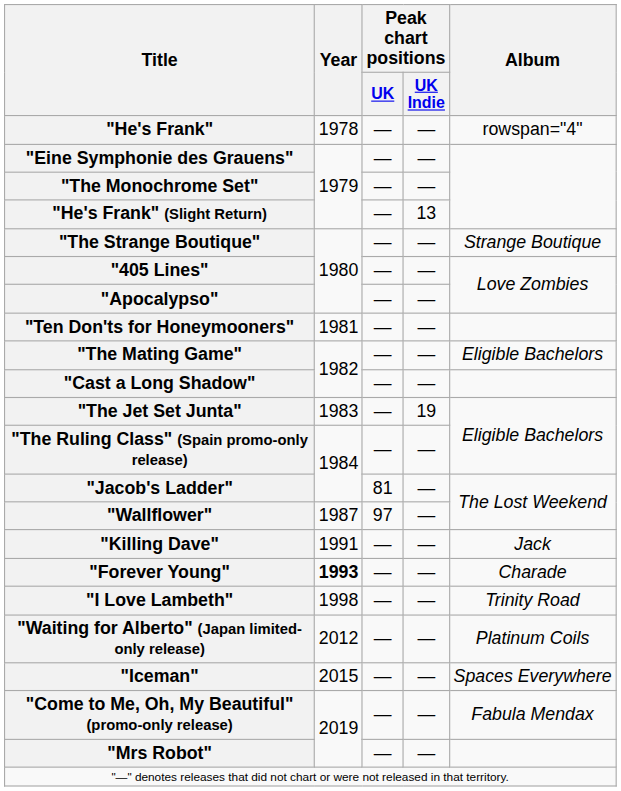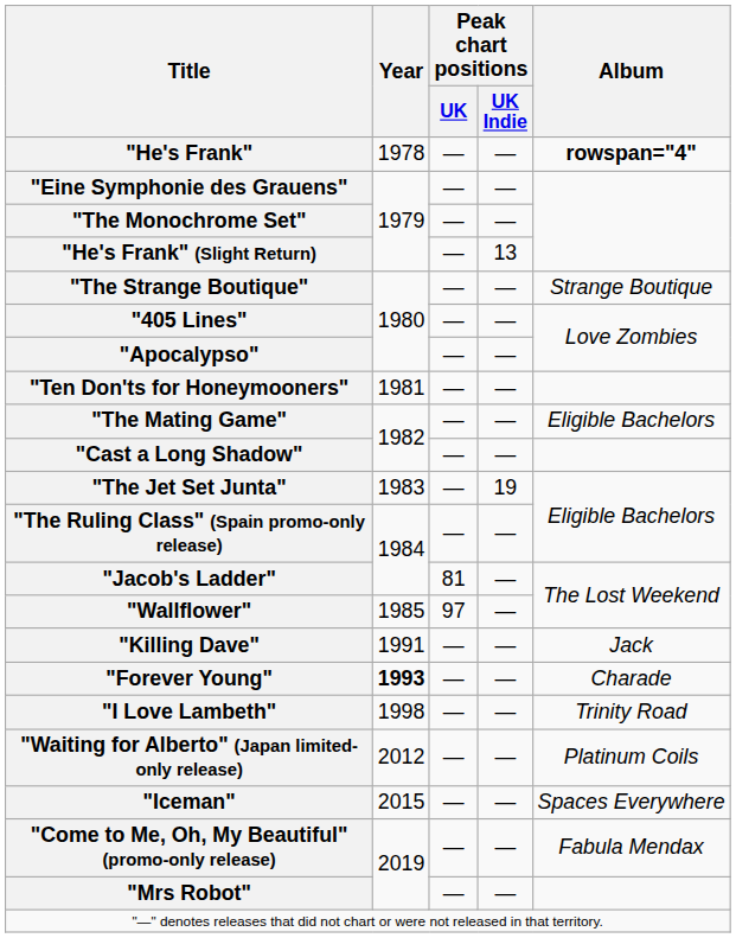 <table class="wikitable plainrowheaders" style="text-align:center;">
 <tr>
 <th rowspan="2" scope="col" style="width:17em;">Title</th>
 <th rowspan="2" scope="col" style="width:2em;">Year</th>
 <th colspan="2">Peak chart positions</th>
 <th rowspan="2">Album</th>
 </tr>
 <tr>
 <th scope="col" style="width:2em;font-size:90%;"><a href='#'>UK</a><br></th>
 <th scope="col" style="width:2em;font-size:90%;"><a href='#'>UK<br>Indie</a><br></th>
 </tr>
 <tr>
 <th scope="row">"He's Frank"</th>
 <td>1978</td>
 <td>—</td>
 <td>—</td>
-<td>rowspan="4" </td>
+<td><strong>rowspan="4" </strong></td>
 </tr>
 <tr>
 <th scope="row">"Eine Symphonie des Grauens"</th>
 <td rowspan="3">1979</td>
 <td>—</td>
 <td>—</td>
 </tr>
 <tr>
 <th scope="row">"The Monochrome Set"</th>
 <td>—</td>
 <td>—</td>
 </tr>
 <tr>
 <th scope="row">"He's Frank" <small>(Slight Return)</small></th>
 <td>—</td>
 <td>13</td>
 </tr>
 <tr>
 <th scope="row">"The Strange Boutique"</th>
 <td rowspan="3">1980</td>
 <td>—</td>
 <td>—</td>
 <td><em>Strange Boutique</em></td>
 </tr>
 <tr>
 <th scope="row">"405 Lines"</th>
 <td>—</td>
 <td>—</td>
 <td rowspan="2"><em>Love Zombies</em></td>
 </tr>
 <tr>
 <th scope="row">"Apocalypso"</th>
 <td>—</td>
 <td>—</td>
 </tr>
 <tr>
 <th scope="row">"Ten Don'ts for Honeymooners"</th>
 <td>1981</td>
 <td>—</td>
 <td>—</td>
 <td></td>
 </tr>
 <tr>
 <th scope="row">"The Mating Game"</th>
 <td rowspan="2">1982</td>
 <td>—</td>
 <td>—</td>
 <td><em>Eligible Bachelors</em></td>
 </tr>
 <tr>
 <th scope="row">"Cast a Long Shadow"</th>
 <td>—</td>
 <td>—</td>
 <td></td>
 </tr>
 <tr>
 <th scope="row">"The Jet Set Junta"</th>
 <td>1983</td>
 <td>—</td>
 <td>19</td>
 <td rowspan="2"><em>Eligible Bachelors</em></td>
 </tr>
 <tr>
 <th scope="row">"The Ruling Class" <small>(Spain promo-only release)</small></th>
 <td rowspan="2">1984</td>
 <td>—</td>
 <td>—</td>
 </tr>
 <tr>
 <th scope="row">"Jacob's Ladder"</th>
 <td>81</td>
 <td>—</td>
 <td rowspan="2"><em>The Lost Weekend</em></td>
 </tr>
 <tr>
 <th scope="row">"Wallflower"</th>
-<td>1987</td>
+<td>1985</td>
 <td>97</td>
 <td>—</td>
 </tr>
 <tr>
 <th scope="row">"Killing Dave"</th>
 <td>1991</td>
 <td>—</td>
 <td>—</td>
 <td><em>Jack</em></td>
 </tr>
 <tr>
 <th scope="row">"Forever Young"</th>
 <td><strong>1993</strong></td>
 <td>—</td>
 <td>—</td>
 <td><em>Charade</em></td>
 </tr>
 <tr>
 <th scope="row">"I Love Lambeth"</th>
 <td>1998</td>
 <td>—</td>
 <td>—</td>
 <td><em>Trinity Road</em></td>
 </tr>
 <tr>
 <th scope="row">"Waiting for Alberto" <small>(Japan limited-only release)</small></th>
 <td>2012</td>
 <td>—</td>
 <td>—</td>
 <td><em>Platinum Coils</em></td>
 </tr>
 <tr>
 <th scope="row">"Iceman"</th>
 <td>2015</td>
 <td>—</td>
 <td>—</td>
 <td><em>Spaces Everywhere</em></td>
 </tr>
 <tr>
 <th scope="row">"Come to Me, Oh, My Beautiful" <small>(promo-only release)</small></th>
 <td rowspan="2">2019</td>
 <td>—</td>
 <td>—</td>
 <td><em>Fabula Mendax</em></td>
 </tr>
 <tr>
 <th scope="row">"Mrs Robot"</th>
 <td>—</td>
 <td>—</td>
 <td></td>
 </tr>
 <tr>
 <td colspan="5" style="font-size:8pt">"—" denotes releases that did not chart or were not released in that territory.</td>
 </tr>
 </table>
